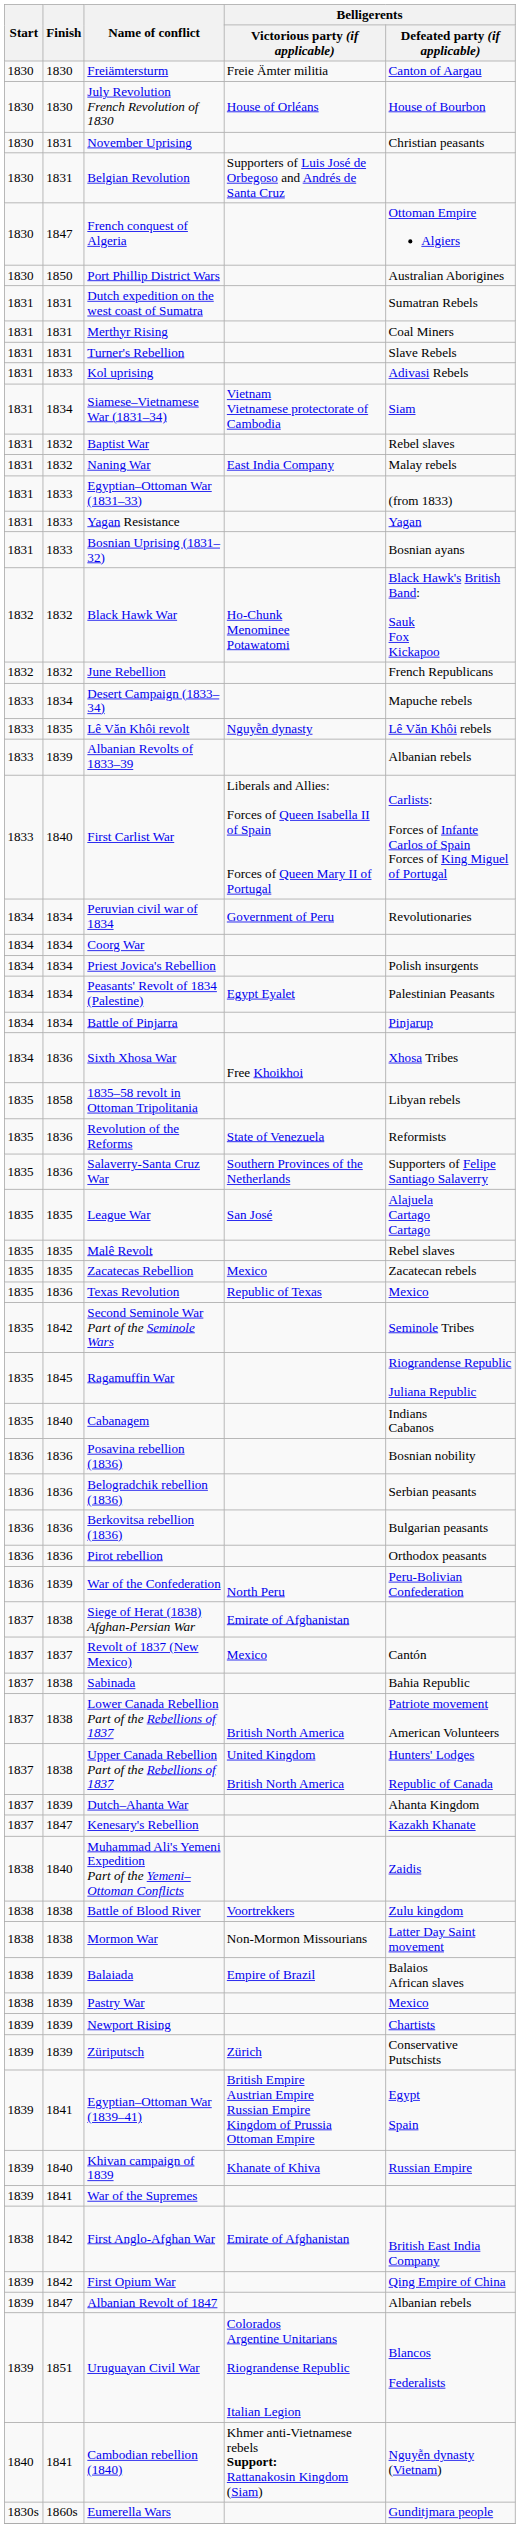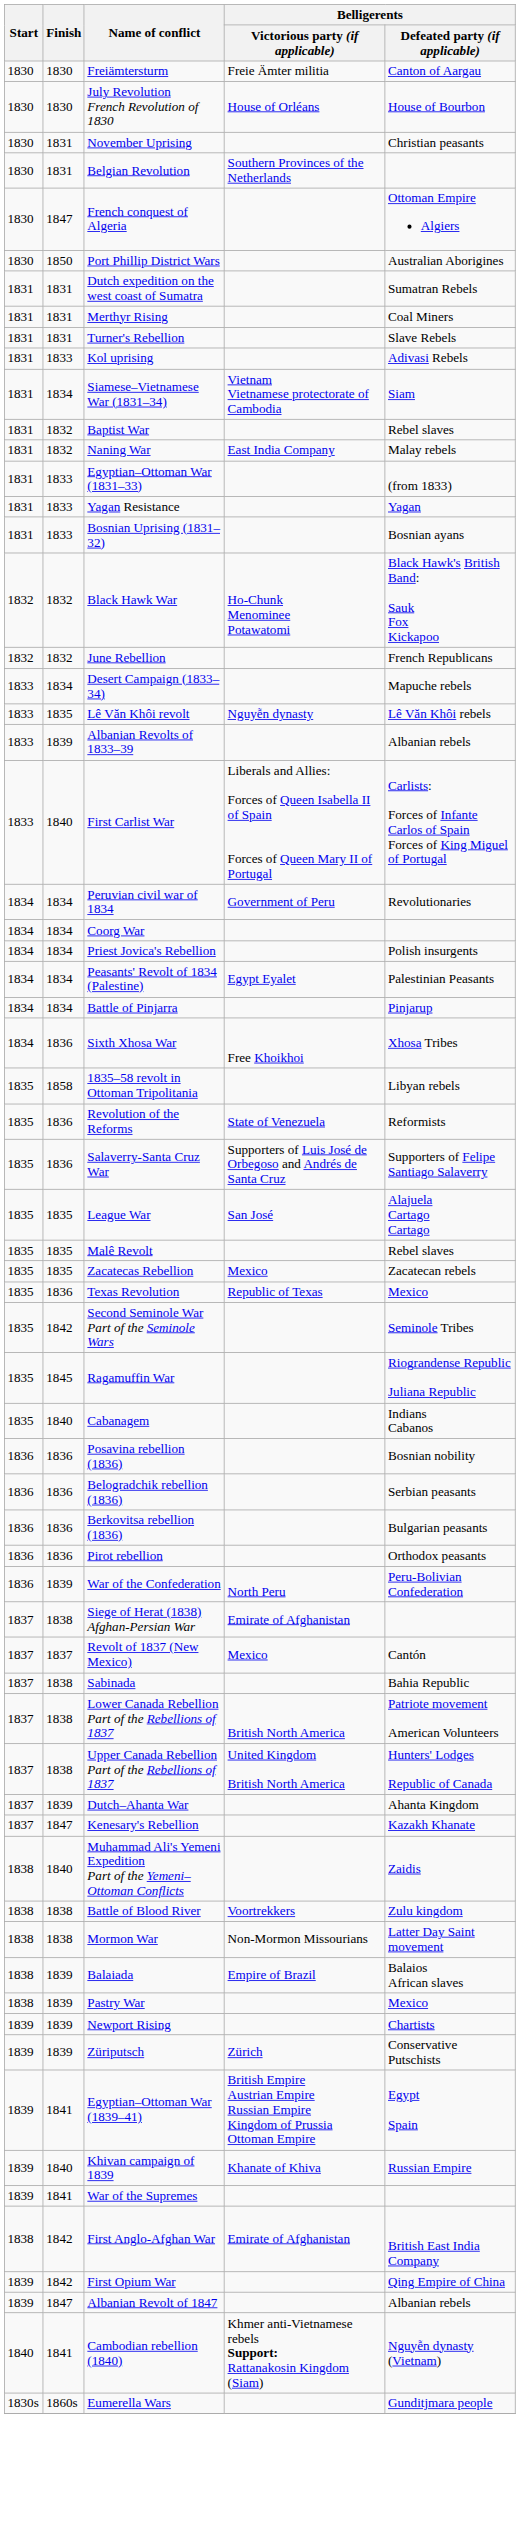 <table class="wikitable sortable" width="100%">
 <tr>
 <th rowspan="2" width="40">Start</th>
 <th rowspan="2" width="40">Finish</th>
 <th rowspan="2" class="unsortable">Name of conflict</th>
 <th colspan="2" class="unsortable">Belligerents</th>
 </tr>
 <tr>
 <th>Victorious party <em>(if applicable)</em></th>
 <th>Defeated party <em>(if applicable)</em></th>
 </tr>
 <tr>
 <td>1830</td>
 <td>1830</td>
 <td><a href='#'>Freiämtersturm</a></td>
 <td>Freie Ämter militia</td>
 <td><a href='#'>Canton of Aargau</a></td>
 </tr>
 <tr>
 <td>1830</td>
 <td>1830</td>
 <td><a href='#'>July Revolution</a><br><em>French Revolution of 1830</em></td>
 <td> <a href='#'>House of Orléans</a></td>
 <td>  <a href='#'>House of Bourbon</a></td>
 </tr>
 <tr>
 <td>1830</td>
 <td>1831</td>
 <td><a href='#'>November Uprising</a></td>
 <td></td>
 <td>Christian peasants</td>
 </tr>
 <tr>
 <td>1830</td>
 <td>1831</td>
 <td><a href='#'>Belgian Revolution</a></td>
-<td>Supporters of <a href='#'>Luis José de Orbegoso</a> and <a href='#'>Andrés de Santa Cruz</a></td>
+<td> <a href='#'>Southern Provinces of the Netherlands</a></td>
 <td></td>
 </tr>
 <tr>
 <td>1830</td>
 <td>1847</td>
 <td><a href='#'>French conquest of Algeria</a></td>
 <td></td>
 <td> <a href='#'>Ottoman Empire</a><br><ul><li> <a href='#'>Algiers</a></li></ul></td>
 </tr>
 <tr>
 <td>1830</td>
 <td>1850</td>
 <td><a href='#'>Port Phillip District Wars</a></td>
 <td></td>
 <td>Australian Aborigines</td>
 </tr>
 <tr>
 <td>1831</td>
 <td>1831</td>
 <td><a href='#'>Dutch expedition on the west coast of Sumatra</a></td>
 <td></td>
 <td>Sumatran Rebels</td>
 </tr>
 <tr>
 <td>1831</td>
 <td>1831</td>
 <td><a href='#'>Merthyr Rising</a></td>
 <td></td>
 <td>Coal Miners</td>
 </tr>
 <tr>
 <td>1831</td>
 <td>1831</td>
 <td><a href='#'>Turner's Rebellion</a></td>
 <td></td>
 <td>Slave Rebels</td>
 </tr>
 <tr>
 <td>1831</td>
 <td>1833</td>
 <td><a href='#'>Kol uprising</a></td>
 <td></td>
 <td><a href='#'>Adivasi</a> Rebels</td>
 </tr>
 <tr>
 <td>1831</td>
 <td>1834</td>
 <td><a href='#'>Siamese–Vietnamese War (1831–34)</a></td>
 <td><a href='#'>Vietnam</a> <br><a href='#'>Vietnamese protectorate of Cambodia</a></td>
 <td> <a href='#'>Siam</a></td>
 </tr>
 <tr>
 <td>1831</td>
 <td>1832</td>
 <td><a href='#'>Baptist War</a></td>
 <td> <br></td>
 <td>Rebel slaves</td>
 </tr>
 <tr>
 <td>1831</td>
 <td>1832</td>
 <td><a href='#'>Naning War</a></td>
 <td> <a href='#'>East India Company</a></td>
 <td>Malay rebels</td>
 </tr>
 <tr>
 <td>1831</td>
 <td>1833</td>
 <td><a href='#'>Egyptian–Ottoman War (1831–33)</a></td>
 <td></td>
 <td><br> (from 1833)</td>
 </tr>
 <tr>
 <td>1831</td>
 <td>1833</td>
 <td><a href='#'>Yagan</a> Resistance</td>
 <td></td>
 <td><a href='#'>Yagan</a></td>
 </tr>
 <tr>
 <td>1831</td>
 <td>1833</td>
 <td><a href='#'>Bosnian Uprising (1831–32)</a></td>
 <td></td>
 <td> Bosnian ayans</td>
 </tr>
 <tr>
 <td>1832</td>
 <td>1832</td>
 <td><a href='#'>Black Hawk War</a></td>
 <td><br><br><a href='#'>Ho-Chunk</a><br> <a href='#'>Menominee</a><br> <a href='#'>Potawatomi</a></td>
 <td><a href='#'>Black Hawk's</a> <a href='#'>British Band</a>:<br><br><a href='#'>Sauk</a><br> <a href='#'>Fox</a><br> <a href='#'>Kickapoo</a></td>
 </tr>
 <tr>
 <td>1832</td>
 <td>1832</td>
 <td><a href='#'>June Rebellion</a></td>
 <td></td>
 <td> French Republicans</td>
 </tr>
 <tr>
 <td>1833</td>
 <td>1834</td>
 <td><a href='#'>Desert Campaign (1833–34)</a></td>
 <td></td>
 <td>Mapuche rebels</td>
 </tr>
 <tr>
 <td>1833</td>
 <td>1835</td>
 <td><a href='#'>Lê Văn Khôi revolt</a></td>
 <td><a href='#'>Nguyễn dynasty</a></td>
 <td><a href='#'>Lê Văn Khôi</a> rebels</td>
 </tr>
 <tr>
 <td>1833</td>
 <td>1839</td>
 <td><a href='#'>Albanian Revolts of 1833–39</a></td>
 <td></td>
 <td>Albanian rebels</td>
 </tr>
 <tr>
 <td>1833</td>
 <td>1840</td>
 <td><a href='#'>First Carlist War</a></td>
 <td>Liberals and Allies:<br><br> Forces of <a href='#'>Queen Isabella II of Spain</a><br>  <br> <br>  Forces of <a href='#'>Queen Mary II of Portugal</a></td>
 <td><a href='#'>Carlists</a>:<br><br> Forces of <a href='#'>Infante Carlos of Spain</a><br>  Forces of <a href='#'>King Miguel of Portugal</a></td>
 </tr>
 <tr>
 <td>1834</td>
 <td>1834</td>
 <td><a href='#'>Peruvian civil war of 1834</a></td>
 <td><a href='#'>Government of Peru</a></td>
 <td>Revolutionaries</td>
 </tr>
 <tr>
 <td>1834</td>
 <td>1834</td>
 <td><a href='#'>Coorg War</a></td>
 <td></td>
 <td></td>
 </tr>
 <tr>
 <td>1834</td>
 <td>1834</td>
 <td><a href='#'>Priest Jovica's Rebellion</a></td>
 <td></td>
 <td> Polish insurgents</td>
 </tr>
 <tr>
 <td>1834</td>
 <td>1834</td>
 <td><a href='#'>Peasants' Revolt of 1834 (Palestine)</a></td>
 <td><a href='#'>Egypt Eyalet</a></td>
 <td>Palestinian Peasants</td>
 </tr>
 <tr>
 <td>1834</td>
 <td>1834</td>
 <td><a href='#'>Battle of Pinjarra</a></td>
 <td></td>
 <td><a href='#'>Pinjarup</a></td>
 </tr>
 <tr>
 <td>1834</td>
 <td>1836</td>
 <td><a href='#'>Sixth Xhosa War</a></td>
 <td><br><br> Free <a href='#'>Khoikhoi</a></td>
 <td><a href='#'>Xhosa</a> Tribes</td>
 </tr>
 <tr>
 <td>1835</td>
 <td>1858</td>
 <td><a href='#'>1835–58 revolt in Ottoman Tripolitania</a></td>
 <td></td>
 <td>Libyan rebels</td>
 </tr>
 <tr>
 <td>1835</td>
 <td>1836</td>
 <td><a href='#'>Revolution of the Reforms</a></td>
 <td> <a href='#'>State of Venezuela</a></td>
 <td>Reformists</td>
 </tr>
 <tr>
 <td>1835</td>
 <td>1836</td>
 <td><a href='#'>Salaverry-Santa Cruz War</a></td>
-<td> <a href='#'>Southern Provinces of the Netherlands</a></td>
+<td>Supporters of <a href='#'>Luis José de Orbegoso</a> and <a href='#'>Andrés de Santa Cruz</a></td>
 <td>Supporters of <a href='#'>Felipe Santiago Salaverry</a></td>
 </tr>
 <tr>
 <td>1835</td>
 <td>1835</td>
 <td><a href='#'>League War</a></td>
 <td> <a href='#'>San José</a></td>
 <td> <a href='#'>Alajuela</a><br> <a href='#'>Cartago</a><br> <a href='#'>Cartago</a></td>
 </tr>
 <tr>
 <td>1835</td>
 <td>1835</td>
 <td><a href='#'>Malê Revolt</a></td>
 <td></td>
 <td>Rebel slaves</td>
 </tr>
 <tr>
 <td>1835</td>
 <td>1835</td>
 <td><a href='#'>Zacatecas Rebellion</a></td>
 <td> <a href='#'>Mexico</a></td>
 <td> Zacatecan rebels</td>
 </tr>
 <tr>
 <td>1835</td>
 <td>1836</td>
 <td><a href='#'>Texas Revolution</a></td>
 <td> <a href='#'>Republic of Texas</a></td>
 <td> <a href='#'>Mexico</a></td>
 </tr>
 <tr>
 <td>1835</td>
 <td>1842</td>
 <td><a href='#'>Second Seminole War</a><br> <em>Part of the <a href='#'>Seminole Wars</a></em></td>
 <td></td>
 <td><a href='#'>Seminole</a> Tribes</td>
 </tr>
 <tr>
 <td>1835</td>
 <td>1845</td>
 <td><a href='#'>Ragamuffin War</a></td>
 <td></td>
 <td> <a href='#'>Riograndense Republic</a><br><br> <a href='#'>Juliana Republic</a></td>
 </tr>
 <tr>
 <td>1835</td>
 <td>1840</td>
 <td><a href='#'>Cabanagem</a></td>
 <td></td>
 <td>Indians <br> Cabanos</td>
 </tr>
 <tr>
 <td>1836</td>
 <td>1836</td>
 <td><a href='#'>Posavina rebellion (1836)</a></td>
 <td></td>
 <td>Bosnian nobility</td>
 </tr>
 <tr>
 <td>1836</td>
 <td>1836</td>
 <td><a href='#'>Belogradchik rebellion (1836)</a></td>
 <td></td>
 <td>Serbian peasants</td>
 </tr>
 <tr>
 <td>1836</td>
 <td>1836</td>
 <td><a href='#'>Berkovitsa rebellion (1836)</a></td>
 <td></td>
 <td>Bulgarian peasants</td>
 </tr>
 <tr>
 <td>1836</td>
 <td>1836</td>
 <td><a href='#'>Pirot rebellion</a></td>
 <td></td>
 <td>Orthodox peasants</td>
 </tr>
 <tr>
 <td>1836</td>
 <td>1839</td>
 <td><a href='#'>War of the Confederation</a></td>
 <td><br> <a href='#'>North Peru</a><br></td>
 <td> <a href='#'>Peru-Bolivian Confederation</a></td>
 </tr>
 <tr>
 <td>1837</td>
 <td>1838</td>
 <td><a href='#'>Siege of Herat (1838)</a><br><em>Afghan-Persian War</em></td>
 <td> <a href='#'>Emirate of Afghanistan</a></td>
 <td></td>
 </tr>
 <tr>
 <td>1837</td>
 <td>1837</td>
 <td><a href='#'>Revolt of 1837 (New Mexico)</a></td>
 <td> <a href='#'>Mexico</a></td>
 <td>Cantón</td>
 </tr>
 <tr>
 <td>1837</td>
 <td>1838</td>
 <td><a href='#'>Sabinada</a></td>
 <td></td>
 <td> Bahia Republic</td>
 </tr>
 <tr>
 <td>1837</td>
 <td>1838</td>
 <td><a href='#'>Lower Canada Rebellion</a><br><em>Part of the <a href='#'>Rebellions of 1837</a></em></td>
 <td><br><br> <a href='#'>British North America</a></td>
 <td> <a href='#'>Patriote movement</a><br><br> American Volunteers</td>
 </tr>
 <tr>
 <td>1837</td>
 <td>1838</td>
 <td><a href='#'>Upper Canada Rebellion</a><br><em>Part of the <a href='#'>Rebellions of 1837</a></em></td>
 <td> <a href='#'>United Kingdom</a><br><br> <a href='#'>British North America</a></td>
 <td><a href='#'>Hunters' Lodges</a><br><br> <a href='#'>Republic of Canada</a></td>
 </tr>
 <tr>
 <td>1837</td>
 <td>1839</td>
 <td><a href='#'>Dutch–Ahanta War</a></td>
 <td></td>
 <td>Ahanta Kingdom</td>
 </tr>
 <tr>
 <td>1837</td>
 <td>1847</td>
 <td><a href='#'>Kenesary's Rebellion</a></td>
 <td></td>
 <td> <a href='#'>Kazakh Khanate</a></td>
 </tr>
 <tr>
 <td>1838</td>
 <td>1840</td>
 <td><a href='#'>Muhammad Ali's Yemeni Expedition</a><br><em>Part of the <a href='#'>Yemeni–Ottoman Conflicts</a></em></td>
 <td></td>
 <td><a href='#'>Zaidis</a></td>
 </tr>
 <tr>
 <td>1838</td>
 <td>1838</td>
 <td><a href='#'>Battle of Blood River</a></td>
 <td> <a href='#'>Voortrekkers</a></td>
 <td><a href='#'>Zulu kingdom</a></td>
 </tr>
 <tr>
 <td>1838</td>
 <td>1838</td>
 <td><a href='#'>Mormon War</a></td>
 <td> Non-Mormon Missourians</td>
 <td> <a href='#'>Latter Day Saint movement</a></td>
 </tr>
 <tr>
 <td>1838</td>
 <td>1839</td>
 <td><a href='#'>Balaiada</a></td>
 <td> <a href='#'>Empire of Brazil</a></td>
 <td>Balaios <br> African slaves</td>
 </tr>
 <tr>
 <td>1838</td>
 <td>1839</td>
 <td><a href='#'>Pastry War</a></td>
 <td></td>
 <td> <a href='#'>Mexico</a></td>
 </tr>
 <tr>
 <td>1839</td>
 <td>1839</td>
 <td><a href='#'>Newport Rising</a></td>
 <td></td>
 <td><a href='#'>Chartists</a></td>
 </tr>
 <tr>
 <td>1839</td>
 <td>1839</td>
 <td><a href='#'>Züriputsch</a></td>
 <td><a href='#'>Zürich</a></td>
 <td>Conservative Putschists</td>
 </tr>
 <tr>
 <td>1839</td>
 <td>1841</td>
 <td><a href='#'>Egyptian–Ottoman War (1839–41)</a></td>
 <td> <a href='#'>British Empire</a> <br>  <a href='#'>Austrian Empire</a> <br>  <a href='#'>Russian Empire</a><br> <a href='#'>Kingdom of Prussia</a> <br>  <a href='#'>Ottoman Empire</a></td>
 <td> <a href='#'>Egypt</a><br><br> <a href='#'>Spain</a></td>
 </tr>
 <tr>
 <td>1839</td>
 <td>1840</td>
 <td><a href='#'>Khivan campaign of 1839</a></td>
 <td><a href='#'>Khanate of Khiva</a></td>
 <td> <a href='#'>Russian Empire</a></td>
 </tr>
 <tr>
 <td>1839</td>
 <td>1841</td>
 <td><a href='#'>War of the Supremes</a></td>
 <td></td>
 <td></td>
 </tr>
 <tr>
 <td>1838</td>
 <td>1842</td>
 <td><a href='#'>First Anglo-Afghan War</a></td>
 <td> <a href='#'>Emirate of Afghanistan</a></td>
 <td><br><br> <a href='#'>British East India Company</a></td>
 </tr>
 <tr>
 <td>1839</td>
 <td>1842</td>
 <td><a href='#'>First Opium War</a></td>
 <td></td>
 <td> <a href='#'>Qing Empire of China</a></td>
 </tr>
 <tr>
 <td>1839</td>
 <td>1847</td>
 <td><a href='#'>Albanian Revolt of 1847</a></td>
 <td></td>
 <td>Albanian rebels</td>
 </tr>
 <tr>
-<td>1839</td>
-<td>1851</td>
-<td><a href='#'>Uruguayan Civil War</a></td>
-<td> <a href='#'>Colorados</a><br> <a href='#'>Argentine Unitarians</a><br> <br>  <a href='#'>Riograndense Republic</a><br> <br> <br> <a href='#'>Italian Legion</a><br></td>
-<td> <a href='#'>Blancos</a><br><br> <a href='#'>Federalists</a><br> </td>
-</tr>
-<tr>
 <td>1840</td>
 <td>1841</td>
 <td><a href='#'>Cambodian rebellion (1840)</a></td>
 <td> Khmer anti-Vietnamese rebels<br><strong>Support:</strong> <br> <a href='#'>Rattanakosin Kingdom</a> (<a href='#'>Siam</a>)</td>
 <td><a href='#'>Nguyễn dynasty</a> (<a href='#'>Vietnam</a>)</td>
 </tr>
 <tr>
 <td>1830s</td>
 <td>1860s</td>
 <td><a href='#'>Eumerella Wars</a></td>
 <td></td>
 <td><a href='#'>Gunditjmara people</a></td>
 </tr>
 <tr>
 </tr>
 </table>
